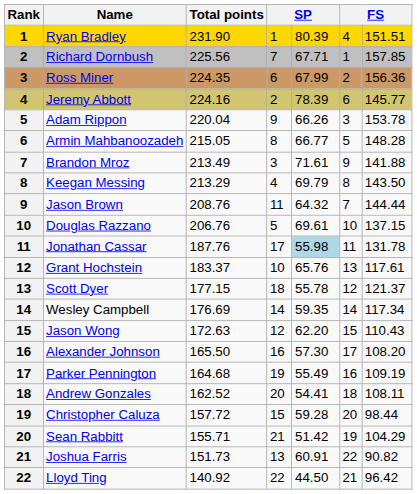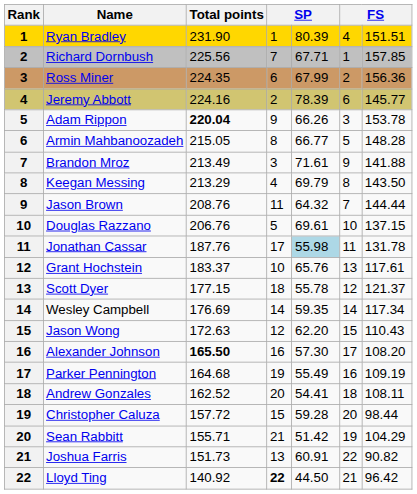 <table class="wikitable sortable">
 <tr>
 <th>Rank</th>
 <th>Name</th>
 <th>Total points</th>
 <th colspan="2" width="80px"><a href='#'>SP</a></th>
 <th colspan="2" width="80px"><a href='#'>FS</a></th>
 </tr>
 <tr bgcolor="gold">
 <td align="center"><strong>1</strong></td>
 <td><a href='#'>Ryan Bradley</a></td>
 <td>231.90</td>
 <td>1</td>
 <td>80.39</td>
 <td>4</td>
 <td>151.51</td>
 </tr>
 <tr bgcolor="silver">
 <td align="center"><strong>2</strong></td>
 <td><a href='#'>Richard Dornbush</a></td>
 <td>225.56</td>
 <td>7</td>
 <td>67.71</td>
 <td>1</td>
 <td>157.85</td>
 </tr>
 <tr bgcolor="cc9966">
 <td align="center"><strong>3</strong></td>
 <td><a href='#'>Ross Miner</a></td>
 <td>224.35</td>
 <td>6</td>
 <td>67.99</td>
 <td>2</td>
 <td>156.36</td>
 </tr>
 <tr bgcolor="#d1c571">
 <td align="center"><strong>4</strong></td>
 <td><a href='#'>Jeremy Abbott</a></td>
 <td>224.16</td>
 <td>2</td>
 <td>78.39</td>
 <td>6</td>
 <td>145.77</td>
 </tr>
 <tr>
 <th>5</th>
 <td><a href='#'>Adam Rippon</a></td>
-<td>220.04</td>
+<td><strong>220.04</strong></td>
 <td>9</td>
 <td>66.26</td>
 <td>3</td>
 <td>153.78</td>
 </tr>
 <tr>
 <th>6</th>
 <td><a href='#'>Armin Mahbanoozadeh</a></td>
 <td>215.05</td>
 <td>8</td>
 <td>66.77</td>
 <td>5</td>
 <td>148.28</td>
 </tr>
 <tr>
 <th>7</th>
 <td><a href='#'>Brandon Mroz</a></td>
 <td>213.49</td>
 <td>3</td>
 <td>71.61</td>
 <td>9</td>
 <td>141.88</td>
 </tr>
 <tr>
 <th>8</th>
 <td><a href='#'>Keegan Messing</a></td>
 <td>213.29</td>
 <td>4</td>
 <td>69.79</td>
 <td>8</td>
 <td>143.50</td>
 </tr>
 <tr>
 <th>9</th>
 <td><a href='#'>Jason Brown</a></td>
 <td>208.76</td>
 <td>11</td>
 <td>64.32</td>
 <td>7</td>
 <td>144.44</td>
 </tr>
 <tr>
 <th>10</th>
 <td><a href='#'>Douglas Razzano</a></td>
 <td>206.76</td>
 <td>5</td>
 <td>69.61</td>
 <td>10</td>
 <td>137.15</td>
 </tr>
 <tr>
 <th>11</th>
 <td><a href='#'>Jonathan Cassar</a></td>
 <td>187.76</td>
 <td>17</td>
 <td style="background: lightblue;">55.98</td>
 <td>11</td>
 <td>131.78</td>
 </tr>
 <tr>
 <th>12</th>
 <td><a href='#'>Grant Hochstein</a></td>
 <td>183.37</td>
 <td>10</td>
 <td>65.76</td>
 <td>13</td>
 <td>117.61</td>
 </tr>
 <tr>
 <th>13</th>
 <td><a href='#'>Scott Dyer</a></td>
 <td>177.15</td>
 <td>18</td>
 <td>55.78</td>
 <td>12</td>
 <td>121.37</td>
 </tr>
 <tr>
 <th>14</th>
 <td>Wesley Campbell</td>
 <td>176.69</td>
 <td>14</td>
 <td>59.35</td>
 <td>14</td>
 <td>117.34</td>
 </tr>
 <tr>
 <th>15</th>
 <td><a href='#'>Jason Wong</a></td>
 <td>172.63</td>
 <td>12</td>
 <td>62.20</td>
 <td>15</td>
 <td>110.43</td>
 </tr>
 <tr>
 <th>16</th>
 <td><a href='#'>Alexander Johnson</a></td>
-<td>165.50</td>
+<td><strong>165.50</strong></td>
 <td>16</td>
 <td>57.30</td>
 <td>17</td>
 <td>108.20</td>
 </tr>
 <tr>
 <th>17</th>
 <td><a href='#'>Parker Pennington</a></td>
 <td>164.68</td>
 <td>19</td>
 <td>55.49</td>
 <td>16</td>
 <td>109.19</td>
 </tr>
 <tr>
 <th>18</th>
 <td><a href='#'>Andrew Gonzales</a></td>
 <td>162.52</td>
 <td>20</td>
 <td>54.41</td>
 <td>18</td>
 <td>108.11</td>
 </tr>
 <tr>
 <th>19</th>
 <td><a href='#'>Christopher Caluza</a></td>
 <td>157.72</td>
 <td>15</td>
 <td>59.28</td>
 <td>20</td>
 <td>98.44</td>
 </tr>
 <tr>
 <th>20</th>
 <td><a href='#'>Sean Rabbitt</a></td>
 <td>155.71</td>
 <td>21</td>
 <td>51.42</td>
 <td>19</td>
 <td>104.29</td>
 </tr>
 <tr>
 <th>21</th>
 <td><a href='#'>Joshua Farris</a></td>
 <td>151.73</td>
 <td>13</td>
 <td>60.91</td>
 <td>22</td>
 <td>90.82</td>
 </tr>
 <tr>
 <th>22</th>
 <td><a href='#'>Lloyd Ting</a></td>
 <td>140.92</td>
-<td>22</td>
+<td><strong>22</strong></td>
 <td>44.50</td>
 <td>21</td>
 <td>96.42</td>
 </tr>
 </table>
